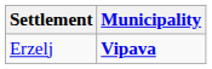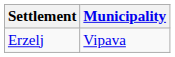 <table class="wikitable">
 <tr>
 <th>Settlement</th>
 <th><a href='#'>Municipality</a></th>
 </tr>
 <tr>
 <td><a href='#'>Erzelj</a></td>
-<td><strong><a href='#'>Vipava</a></strong></td>
+<td><a href='#'>Vipava</a></td>
 </tr>
 </table>
